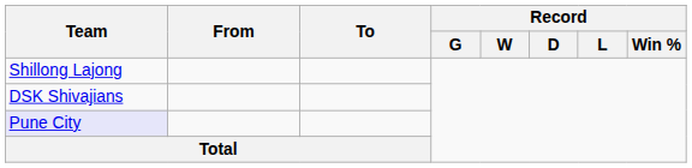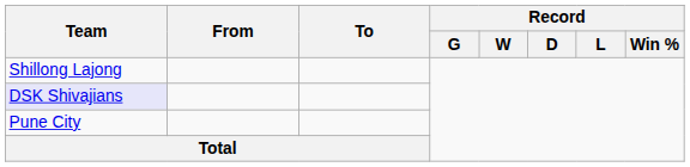 <table class="wikitable" style="text-align: center">
 <tr>
 <th rowspan=2! width=150>Team</th>
 <th rowspan=2! width=120>From</th>
 <th rowspan=2! width=120>To</th>
 <th colspan=7>Record</th>
 </tr>
 <tr>
 <th width=40>G</th>
 <th width=40>W</th>
 <th width=40>D</th>
 <th width=40>L</th>
 <th width=50>Win %</th>
 </tr>
 <tr>
 <td align=left> <a href='#'>Shillong Lajong</a></td>
 <td align=left></td>
 <td align=left><br></td>
 </tr>
 <tr>
-<td align=left> <a href='#'>DSK Shivajians</a></td>
+<td align=left style="background: lavender;"> <a href='#'>DSK Shivajians</a></td>
 <td align=left></td>
 <td align=left><br></td>
 </tr>
 <tr>
-<td align=left style="background: lavender;"> <a href='#'>Pune City</a></td>
+<td align=left> <a href='#'>Pune City</a></td>
 <td align=left></td>
 <td align=left><br></td>
 </tr>
 <tr>
 <th colspan="3">Total<br></th>
 </tr>
 </table>
